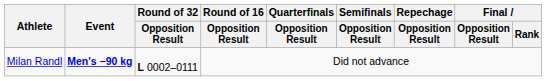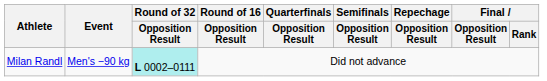 <table class="wikitable" style="font-size:90%">
 <tr>
 <th rowspan="2">Athlete</th>
 <th rowspan="2">Event</th>
 <th>Round of 32</th>
 <th>Round of 16</th>
 <th>Quarterfinals</th>
 <th>Semifinals</th>
 <th>Repechage</th>
 <th colspan=2>Final / </th>
 </tr>
 <tr style="font-size:95%">
 <th>Opposition<br>Result</th>
 <th>Opposition<br>Result</th>
 <th>Opposition<br>Result</th>
 <th>Opposition<br>Result</th>
 <th>Opposition<br>Result</th>
 <th>Opposition<br>Result</th>
 <th>Rank</th>
 </tr>
 <tr align=center>
 <td align=left><a href='#'>Milan Randl</a></td>
-<td align=left><strong><a href='#'>Men's −90 kg</a></strong></td>
-<td><br><strong>L</strong> 0002–0111</td>
+<td align=left><a href='#'>Men's −90 kg</a></td>
+<td style="background: paleturquoise;"><br><strong>L</strong> 0002–0111</td>
 <td colspan=6>Did not advance</td>
 </tr>
 </table>
